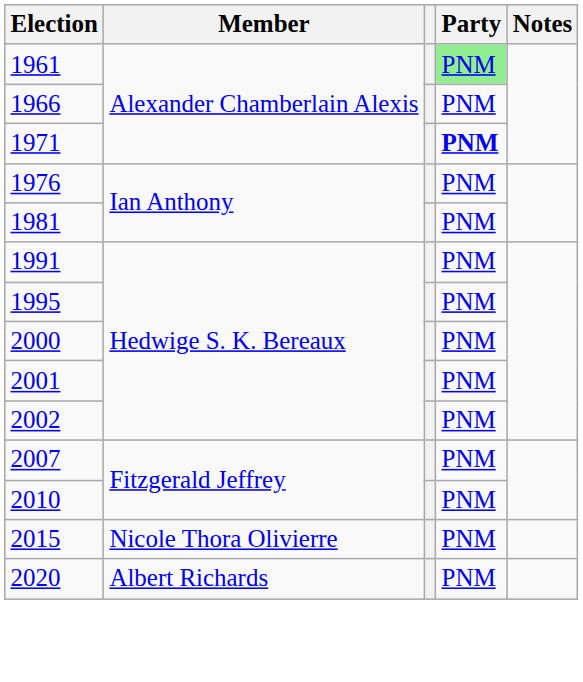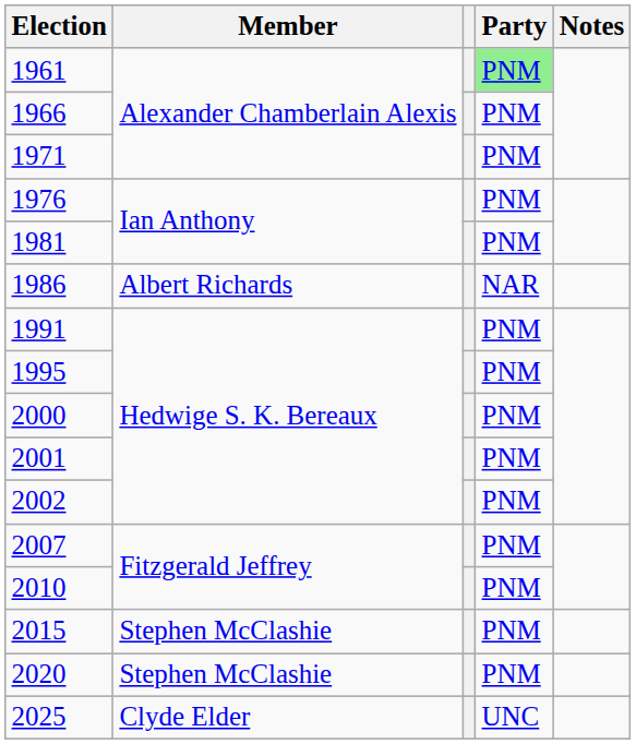 <table class="wikitable sortable">
 <tr>
 <th>Election</th>
 <th>Member</th>
 <th></th>
 <th>Party</th>
 <th>Notes</th>
 </tr>
 <tr>
 <td><a href='#'>1961</a></td>
 <td rowspan="3"><a href='#'>Alexander Chamberlain Alexis</a></td>
 <th style="background-color: "></th>
 <td style="background: lightgreen;"><a href='#'>PNM</a></td>
 <td rowspan="3"></td>
 </tr>
 <tr>
 <td><a href='#'>1966</a></td>
 <th style="background-color: "></th>
 <td><a href='#'>PNM</a></td>
 </tr>
 <tr>
 <td><a href='#'>1971</a></td>
 <th style="background-color: "></th>
-<td><strong><a href='#'>PNM</a></strong></td>
+<td><a href='#'>PNM</a></td>
 </tr>
 <tr>
 <td><a href='#'>1976</a></td>
 <td rowspan="2"><a href='#'>Ian Anthony</a></td>
 <th style="background-color: "></th>
 <td><a href='#'>PNM</a></td>
 <td rowspan="2"></td>
 </tr>
 <tr>
 <td><a href='#'>1981</a></td>
 <th style="background-color: "></th>
 <td><a href='#'>PNM</a></td>
+</tr>
+<tr>
+<td><a href='#'>1986</a></td>
+<td><a href='#'>Albert Richards</a></td>
+<th style="background-color: "></th>
+<td><a href='#'>NAR</a></td>
+<td></td>
 </tr>
 <tr>
 <td><a href='#'>1991</a></td>
 <td rowspan="5"><a href='#'>Hedwige S. K. Bereaux</a></td>
 <th style="background-color: "></th>
 <td><a href='#'>PNM</a></td>
 <td rowspan="5"></td>
 </tr>
 <tr>
 <td><a href='#'>1995</a></td>
 <th style="background-color: "></th>
 <td><a href='#'>PNM</a></td>
 </tr>
 <tr>
 <td><a href='#'>2000</a></td>
 <th style="background-color: "></th>
 <td><a href='#'>PNM</a></td>
 </tr>
 <tr>
 <td><a href='#'>2001</a></td>
 <th style="background-color: "></th>
 <td><a href='#'>PNM</a></td>
 </tr>
 <tr>
 <td><a href='#'>2002</a></td>
 <th style="background-color: "></th>
 <td><a href='#'>PNM</a></td>
 </tr>
 <tr>
 <td><a href='#'>2007</a></td>
 <td rowspan="2"><a href='#'>Fitzgerald Jeffrey</a></td>
 <th style="background-color: "></th>
 <td><a href='#'>PNM</a></td>
 <td rowspan="2"></td>
 </tr>
 <tr>
 <td><a href='#'>2010</a></td>
 <th style="background-color: "></th>
 <td><a href='#'>PNM</a></td>
 </tr>
 <tr>
 <td><a href='#'>2015</a></td>
-<td><a href='#'>Nicole Thora Olivierre</a></td>
+<td><a href='#'>Stephen McClashie</a></td>
 <th style="background-color: "></th>
 <td><a href='#'>PNM</a></td>
 <td></td>
 </tr>
 <tr>
 <td><a href='#'>2020</a></td>
-<td><a href='#'>Albert Richards</a></td>
+<td><a href='#'>Stephen McClashie</a></td>
 <th style="background-color: "></th>
 <td><a href='#'>PNM</a></td>
 <td></td>
 </tr>
+<tr>
+<td><a href='#'>2025</a></td>
+<td><a href='#'>Clyde Elder</a></td>
+<th style="background-color: "></th>
+<td><a href='#'>UNC</a></td>
+<td></td>
+</tr>
 </table>
